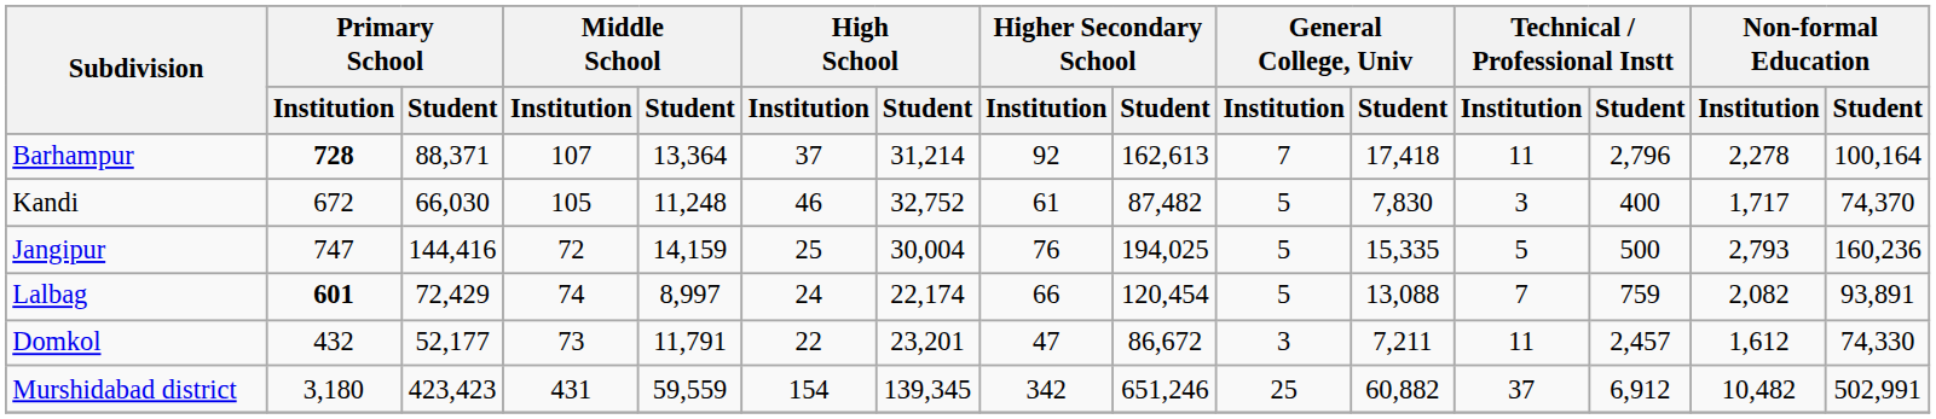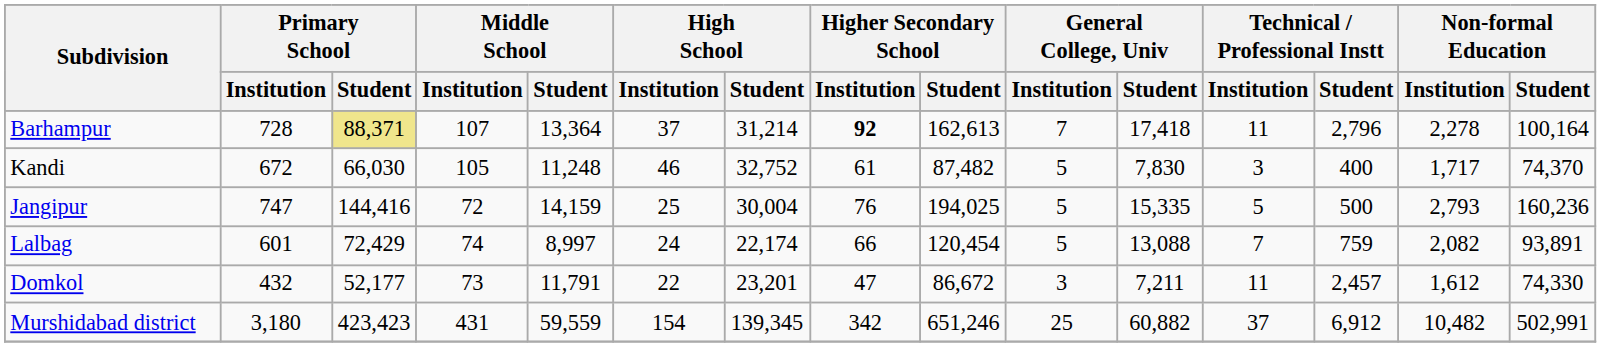 <table class="wikitable" style="text-align:center;font-size: 9pt">
 <tr>
 <th width="110" rowspan="2">Subdivision</th>
 <th colspan="2">Primary<br>School</th>
 <th colspan="2">Middle<br>School</th>
 <th colspan="2">High<br>School</th>
 <th colspan="2">Higher Secondary<br>School</th>
 <th colspan="2">General<br>College, Univ</th>
 <th colspan="2">Technical /<br>Professional Instt</th>
 <th colspan="2">Non-formal<br>Education</th>
 </tr>
 <tr>
 <th width="30">Institution</th>
 <th width="30">Student</th>
 <th width="30">Institution</th>
 <th width="30">Student</th>
 <th width="30">Institution</th>
 <th width="30">Student</th>
 <th width="30">Institution</th>
 <th width="30">Student</th>
 <th width="30">Institution</th>
 <th width="30">Student</th>
 <th width="30">Institution</th>
 <th width="30">Student</th>
 <th width="30">Institution</th>
 <th width="30">Student<br></th>
 </tr>
 <tr>
 <td align=left><a href='#'>Barhampur</a></td>
-<td align="center"><strong>728</strong></td>
-<td align="center">88,371</td>
+<td align="center">728</td>
+<td align="center" style="background: khaki;">88,371</td>
 <td align="center">107</td>
 <td align="center">13,364</td>
 <td align="center">37</td>
 <td align="center">31,214</td>
-<td align="center">92</td>
+<td align="center"><strong>92</strong></td>
 <td align="center">162,613</td>
 <td align="center">7</td>
 <td align="center">17,418</td>
 <td align="center">11</td>
 <td align="center">2,796</td>
 <td align="center">2,278</td>
 <td align="center">100,164</td>
 </tr>
 <tr>
 <td align=left>Kandi</td>
 <td align="center">672</td>
 <td align="center">66,030</td>
 <td align="center">105</td>
 <td align="center">11,248</td>
 <td align="center">46</td>
 <td align="center">32,752</td>
 <td align="center">61</td>
 <td align="center">87,482</td>
 <td align="center">5</td>
 <td align="center">7,830</td>
 <td align="center">3</td>
 <td align="center">400</td>
 <td align="center">1,717</td>
 <td align="center">74,370</td>
 </tr>
 <tr>
 <td align=left><a href='#'>Jangipur</a></td>
 <td align="center">747</td>
 <td align="center">144,416</td>
 <td align="center">72</td>
 <td align="center">14,159</td>
 <td align="center">25</td>
 <td align="center">30,004</td>
 <td align="center">76</td>
 <td align="center">194,025</td>
 <td align="center">5</td>
 <td align="center">15,335</td>
 <td align="center">5</td>
 <td align="center">500</td>
 <td align="center">2,793</td>
 <td align="center">160,236</td>
 </tr>
 <tr>
 <td align=left><a href='#'>Lalbag</a></td>
-<td align="center"><strong>601</strong></td>
+<td align="center">601</td>
 <td align="center">72,429</td>
 <td align="center">74</td>
 <td align="center">8,997</td>
 <td align="center">24</td>
 <td align="center">22,174</td>
 <td align="center">66</td>
 <td align="center">120,454</td>
 <td align="center">5</td>
 <td align="center">13,088</td>
 <td align="center">7</td>
 <td align="center">759</td>
 <td align="center">2,082</td>
 <td align="center">93,891</td>
 </tr>
 <tr>
 <td align=left><a href='#'>Domkol</a></td>
 <td align="center">432</td>
 <td align="center">52,177</td>
 <td align="center">73</td>
 <td align="center">11,791</td>
 <td align="center">22</td>
 <td align="center">23,201</td>
 <td align="center">47</td>
 <td align="center">86,672</td>
 <td align="center">3</td>
 <td align="center">7,211</td>
 <td align="center">11</td>
 <td align="center">2,457</td>
 <td align="center">1,612</td>
 <td align="center">74,330</td>
 </tr>
 <tr>
 <td align=left><a href='#'>Murshidabad district</a></td>
 <td align="center">3,180</td>
 <td align="center">423,423</td>
 <td align="center">431</td>
 <td align="center">59,559</td>
 <td align="center">154</td>
 <td align="center">139,345</td>
 <td align="center">342</td>
 <td align="center">651,246</td>
 <td align="center">25</td>
 <td align="center">60,882</td>
 <td align="center">37</td>
 <td align="center">6,912</td>
 <td align="center">10,482</td>
 <td align="center">502,991</td>
 </tr>
 <tr>
 </tr>
 </table>
